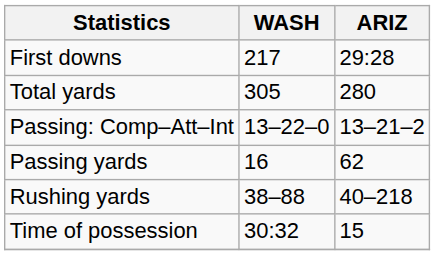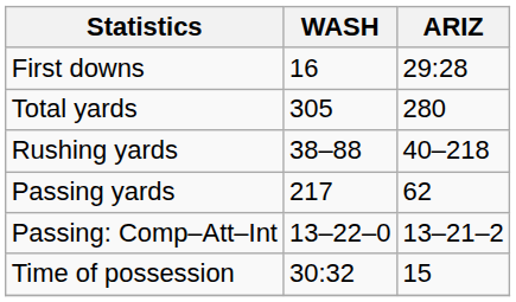 <table class="wikitable" style="float: left;">
 <tr>
 <th>Statistics</th>
 <th>WASH</th>
 <th>ARIZ</th>
 </tr>
 <tr>
 <td>First downs</td>
-<td>217</td>
+<td>16</td>
 <td>29:28</td>
 </tr>
 <tr>
 <td>Total yards</td>
 <td>305</td>
 <td>280</td>
 </tr>
 <tr>
+<td>Rushing yards</td>
+<td>38–88</td>
+<td>40–218</td>
+</tr>
+<tr>
+<td>Passing yards</td>
+<td>217</td>
+<td>62</td>
+</tr>
+<tr>
 <td>Passing: Comp–Att–Int</td>
 <td>13–22–0</td>
 <td>13–21–2</td>
-</tr>
-<tr>
-<td>Passing yards</td>
-<td>16</td>
-<td>62</td>
-</tr>
-<tr>
-<td>Rushing yards</td>
-<td>38–88</td>
-<td>40–218</td>
 </tr>
 <tr>
 <td>Time of possession</td>
 <td>30:32</td>
 <td>15</td>
 </tr>
 <tr>
 </tr>
 </table>
